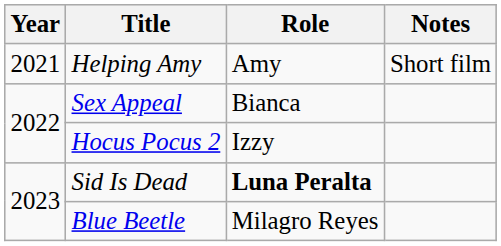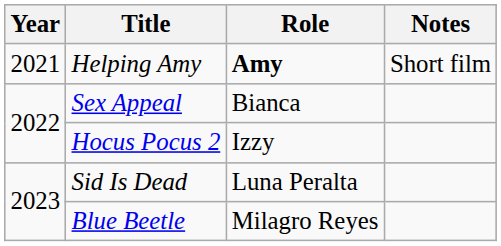 <table class="wikitable sortable">
 <tr>
 <th>Year</th>
 <th>Title</th>
 <th>Role</th>
 <th class="unsortable">Notes</th>
 </tr>
 <tr>
 <td>2021</td>
 <td><em>Helping Amy</em></td>
-<td>Amy</td>
+<td><strong>Amy</strong></td>
 <td>Short film</td>
 </tr>
 <tr>
 <td rowspan=2>2022</td>
 <td><em><a href='#'>Sex Appeal</a></em></td>
 <td>Bianca</td>
 <td></td>
 </tr>
 <tr>
 <td><em><a href='#'>Hocus Pocus 2</a></em></td>
 <td>Izzy</td>
 <td></td>
 </tr>
 <tr>
 <td rowspan=2>2023</td>
 <td><em>Sid Is Dead</em></td>
-<td><strong>Luna Peralta</strong></td>
+<td>Luna Peralta</td>
 <td></td>
 </tr>
 <tr>
 <td><em><a href='#'>Blue Beetle</a></em></td>
 <td>Milagro Reyes</td>
 <td></td>
 </tr>
 </table>
